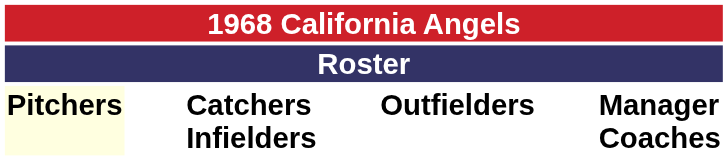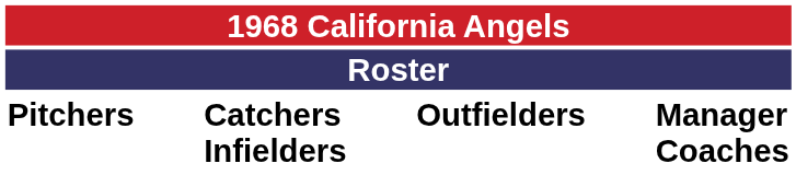 <table class="toccolours" style="font-size: 95%;">
 <tr>
 <th colspan="10" style="background-color: #CE2029; color: white; text-align: center;">1968 California Angels</th>
 </tr>
 <tr>
 <td colspan="10" style="background-color: #333366; color: white; text-align: center;"><strong>Roster</strong></td>
 </tr>
 <tr>
-<td valign="top" style="background: lightyellow;"><strong>Pitchers</strong><br>                  </td>
+<td valign="top"><strong>Pitchers</strong><br>                  </td>
 <td width="25px"></td>
 <td valign="top"><strong>Catchers</strong><br>    <strong>Infielders</strong>           </td>
 <td width="25px"></td>
 <td valign="top"><strong>Outfielders</strong><br>        </td>
 <td width="25px"></td>
 <td valign="top"><strong>Manager</strong><br> <strong>Coaches</strong>    </td>
 </tr>
 <tr>
 </tr>
 </table>
